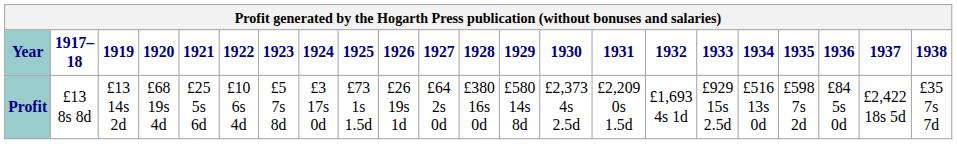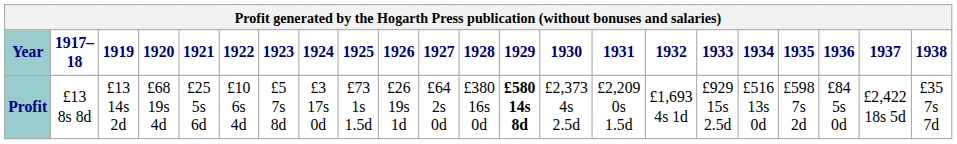 <table class="wikitable" style="font-size:90%; border:0; text-align:center; line-height:120%;">
 <tr>
 <th colspan="31" style="text-align:center;font-size:90%;">Profit generated by the Hogarth Press publication (without bonuses and salaries)</th>
 </tr>
 <tr>
 <th style="background:#9cc; color:navy; height:17px;">Year</th>
 <th style="background:#fff; color:navy;">1917–18</th>
 <th style="background:#fff; color:navy;">1919</th>
 <th style="background:#fff; color:navy;">1920</th>
 <th style="background:#fff; color:navy;">1921</th>
 <th style="background:#fff; color:navy;">1922</th>
 <th style="background:#fff; color:navy;">1923</th>
 <th style="background:#fff; color:navy;">1924</th>
 <th style="background:#fff; color:navy;">1925</th>
 <th style="background:#fff; color:navy;">1926</th>
 <th style="background:#fff; color:navy;">1927</th>
 <th style="background:#fff; color:navy;">1928</th>
 <th style="background:#fff; color:navy;">1929</th>
 <th style="background:#fff; color:navy;">1930</th>
 <th style="background:#fff; color:navy;">1931</th>
 <th style="background:#fff; color:navy;">1932</th>
 <th style="background:#fff; color:navy;">1933</th>
 <th style="background:#fff; color:navy;">1934</th>
 <th style="background:#fff; color:navy;">1935</th>
 <th style="background:#fff; color:navy;">1936</th>
 <th style="background:#fff; color:navy;">1937</th>
 <th style="background:#fff; color:navy;">1938</th>
 </tr>
 <tr style="text-align:center;">
 <th style="background:#9cc; color:navy; height:17px;">Profit</th>
 <td style="background:#fff; color:black;">£13 8s 8d</td>
 <td style="background:#fff; color:black;">£13 14s 2d</td>
 <td style="background:#fff; color:black;">£68 19s 4d</td>
 <td style="background:#fff; color:black;">£25 5s 6d</td>
 <td style="background:#fff; color:black;">£10 6s 4d</td>
 <td style="background:#fff; color:black;">£5 7s 8d</td>
 <td style="background:#fff; color:black;">£3 17s 0d</td>
 <td style="background:#fff; color:black;">£73 1s 1.5d</td>
 <td style="background:#fff; color:black;">£26 19s 1d</td>
 <td style="background:#fff; color:black;">£64 2s 0d</td>
 <td style="background:#fff; color:black;">£380 16s 0d</td>
-<td style="background:#fff; color:black;">£580 14s 8d</td>
+<td style="background:#fff; color:black;"><strong>£580 14s 8d</strong></td>
 <td style="background:#fff; color:black;">£2,373 4s 2.5d</td>
 <td style="background:#fff; color:black;">£2,209 0s 1.5d</td>
 <td style="background:#fff; color:black;">£1,693 4s 1d</td>
 <td style="background:#fff; color:black;">£929 15s 2.5d</td>
 <td style="background:#fff; color:black;">£516 13s 0d</td>
 <td style="background:#fff; color:black;">£598 7s 2d</td>
 <td style="background:#fff; color:black;">£84 5s 0d</td>
 <td style="background:#fff; color:black;">£2,422 18s 5d</td>
 <td style="background:#fff; color:black;">£35 7s 7d</td>
 </tr>
 </table>
